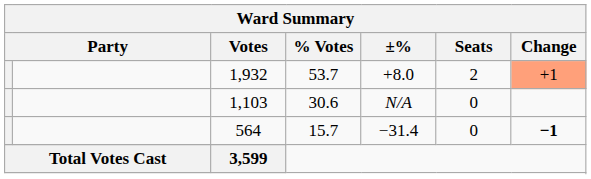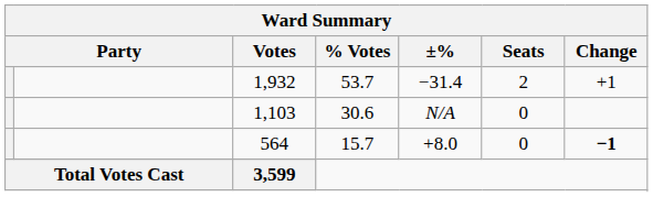 <table class="wikitable" style="font-size: 95%;">
 <tr style="background-color:#E9E9E9">
 <th colspan="7">Ward Summary</th>
 </tr>
 <tr style="background-color:#E9E9E9">
 <th colspan="2">Party</th>
 <th style="width: 60px">Votes</th>
 <th style="width: 60px">% Votes</th>
 <th style="width: 60px">±%</th>
 <th style="width: 60px">Seats</th>
 <th style="width: 60px">Change</th>
 </tr>
 <tr>
 <th style="background-color: "></th>
 <td style="width: 170px"><a href='#'></a></td>
 <td align="center">1,932</td>
 <td align="center">53.7</td>
-<td align="center">+8.0</td>
+<td align="center">−31.4</td>
 <td align="center">2</td>
-<td align="center" style="background: lightsalmon;">+1</td>
+<td align="center">+1</td>
 </tr>
 <tr>
 <th style="background-color: "></th>
 <td style="width: 170px"><a href='#'></a></td>
 <td align="center">1,103</td>
 <td align="center">30.6</td>
 <td align="center"><em>N/A</em></td>
 <td align="center">0</td>
 <td align="center"></td>
 </tr>
 <tr>
 <th style="background-color: "></th>
 <td style="width: 170px"><a href='#'></a></td>
 <td align="center">564</td>
 <td align="center">15.7</td>
-<td align="center">−31.4</td>
+<td align="center">+8.0</td>
 <td align="center">0</td>
 <td align="center"><strong>−1</strong></td>
 </tr>
 <tr>
 </tr>
 <tr style="background-color:#E9E9E9">
 <th colspan="2">Total Votes Cast</th>
 <th style="width: 60px">3,599</th>
 </tr>
 <tr style="background-color:#E9E9E9">
 </tr>
 </table>
